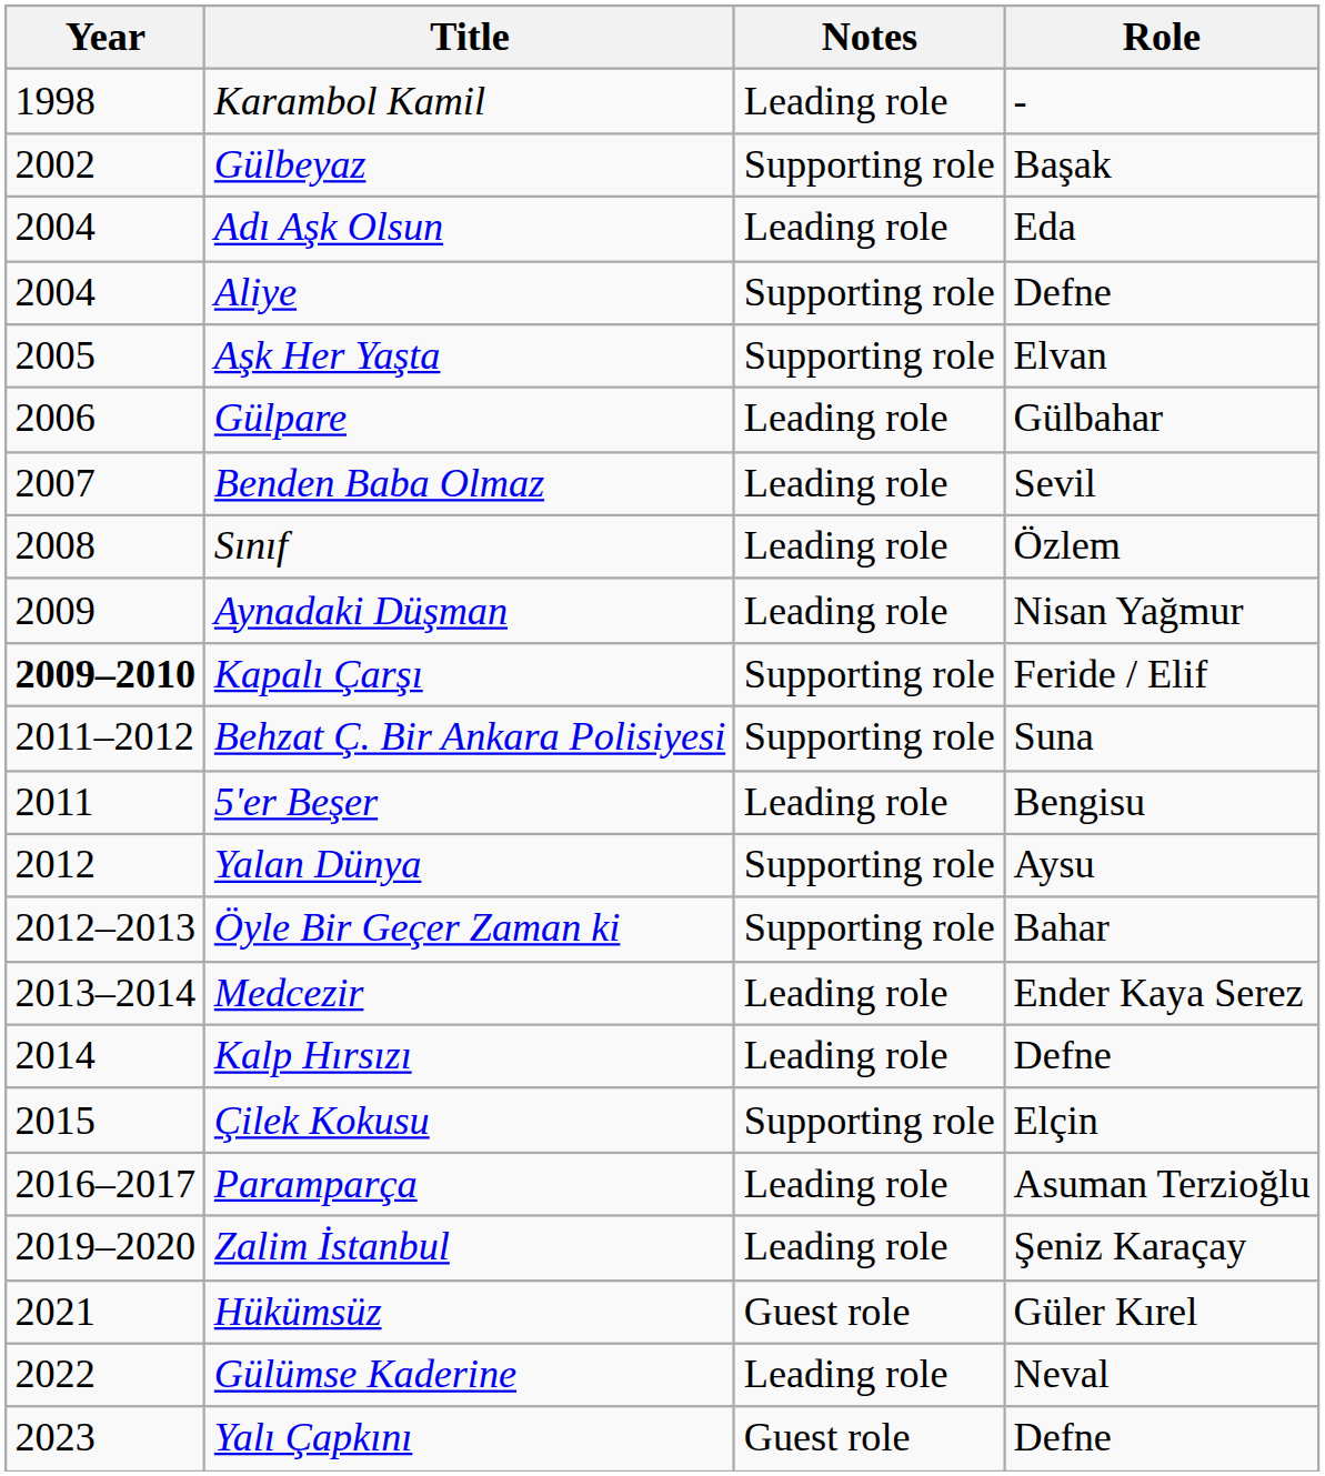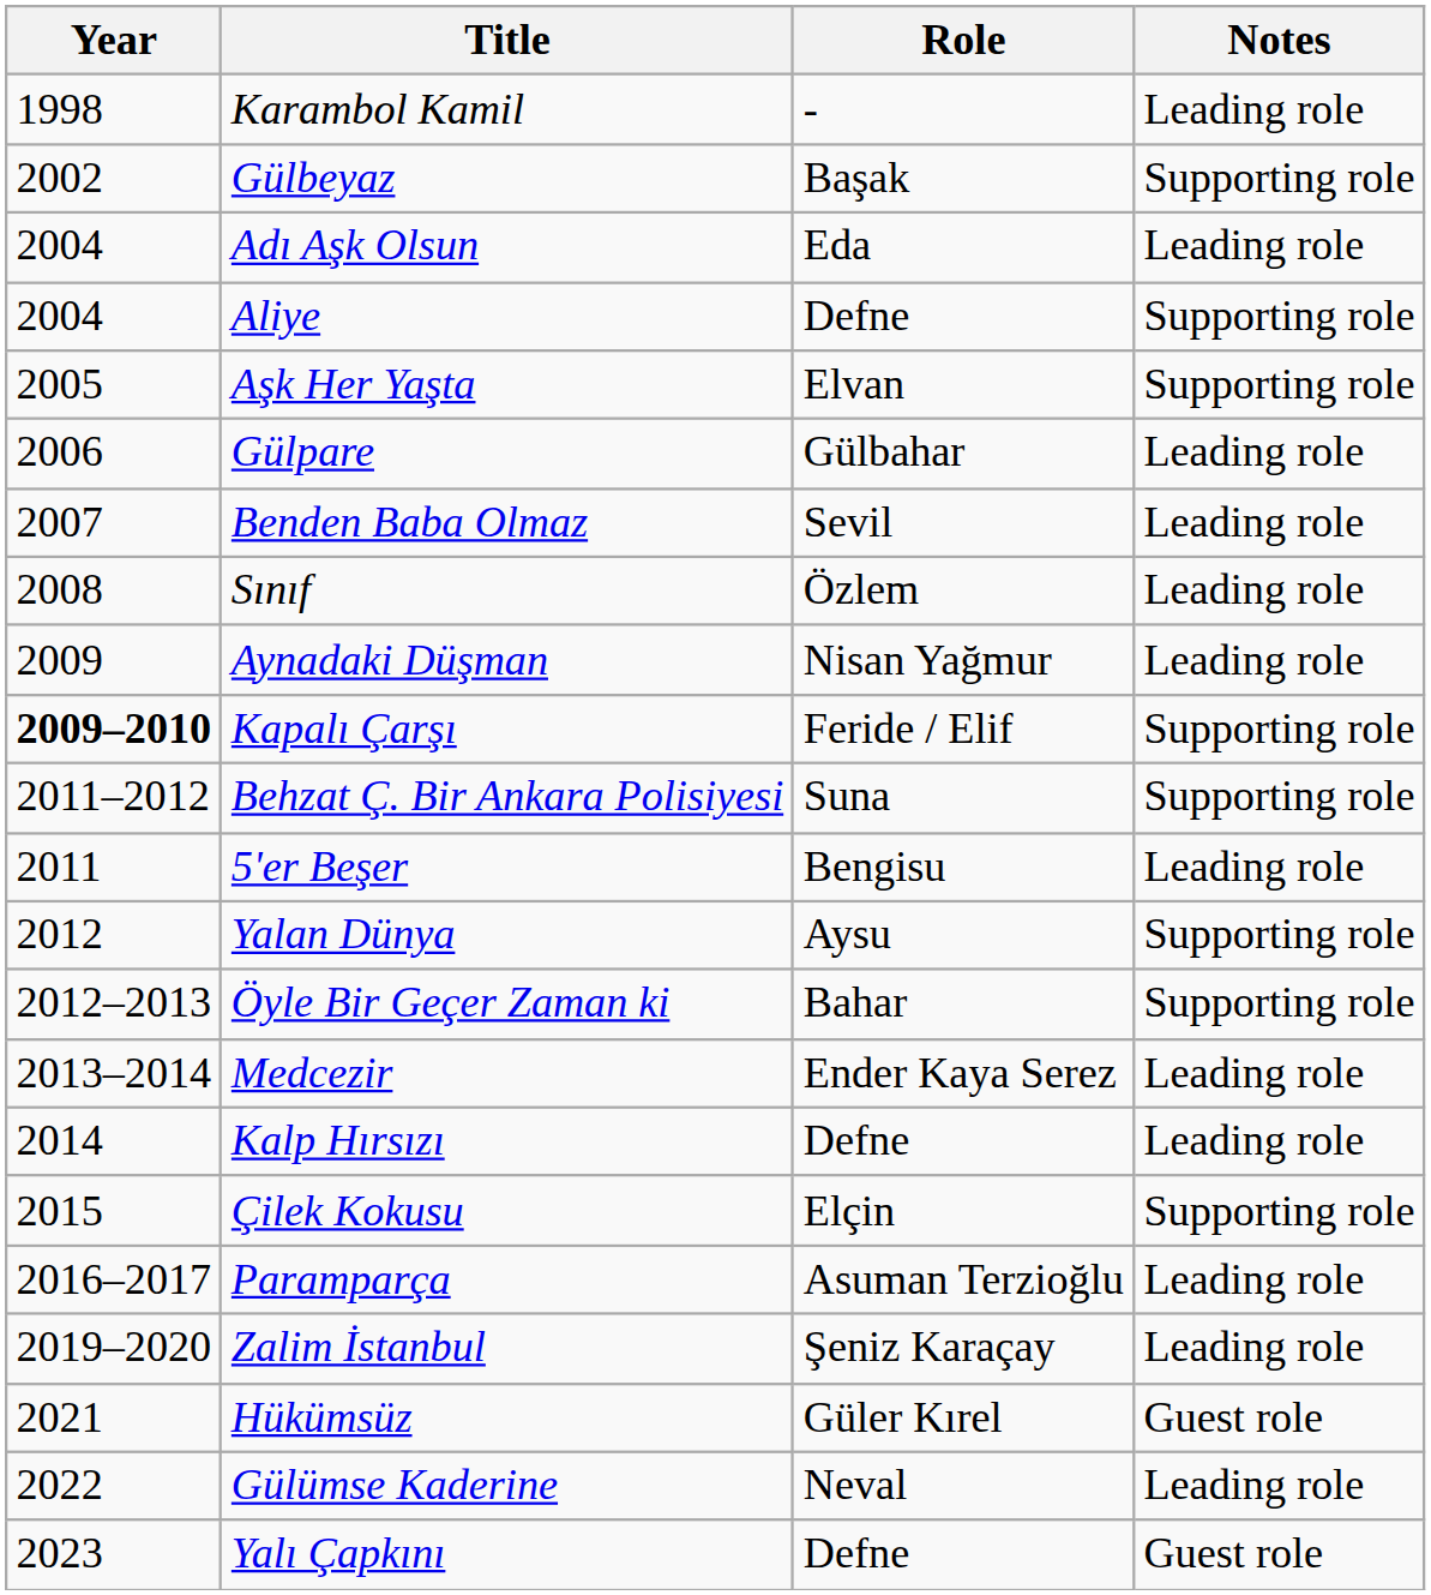 <table class="wikitable">
 <tr>
 <th>Year</th>
 <th>Title</th>
+<th>Role</th>
 <th>Notes</th>
-<th>Role</th>
 </tr>
 <tr>
 <td>1998</td>
 <td><em>Karambol Kamil </em></td>
+<td>-</td>
 <td>Leading role</td>
-<td>-</td>
 </tr>
 <tr>
 <td>2002</td>
 <td><em><a href='#'>Gülbeyaz</a></em></td>
+<td>Başak</td>
 <td>Supporting role</td>
-<td>Başak</td>
 </tr>
 <tr>
 <td>2004</td>
 <td><em><a href='#'>Adı Aşk Olsun</a></em></td>
+<td>Eda</td>
 <td>Leading role</td>
-<td>Eda</td>
 </tr>
 <tr>
 <td>2004</td>
 <td><em><a href='#'>Aliye</a></em></td>
+<td>Defne</td>
 <td>Supporting role</td>
-<td>Defne</td>
 </tr>
 <tr>
 <td>2005</td>
 <td><em><a href='#'>Aşk Her Yaşta</a></em></td>
+<td>Elvan</td>
 <td>Supporting role</td>
-<td>Elvan</td>
 </tr>
 <tr>
 <td>2006</td>
 <td><em><a href='#'>Gülpare</a></em></td>
+<td>Gülbahar</td>
 <td>Leading role</td>
-<td>Gülbahar</td>
 </tr>
 <tr>
 <td>2007</td>
 <td><em><a href='#'>Benden Baba Olmaz</a></em></td>
+<td>Sevil</td>
 <td>Leading role</td>
-<td>Sevil</td>
 </tr>
 <tr>
 <td>2008</td>
 <td><em>Sınıf</em></td>
+<td>Özlem</td>
 <td>Leading role</td>
-<td>Özlem</td>
 </tr>
 <tr>
 <td>2009</td>
 <td><em><a href='#'>Aynadaki Düşman</a></em></td>
+<td>Nisan Yağmur</td>
 <td>Leading role</td>
-<td>Nisan Yağmur</td>
 </tr>
 <tr>
 <td><strong>2009–2010</strong></td>
 <td><em><a href='#'>Kapalı Çarşı</a></em></td>
+<td>Feride / Elif</td>
 <td>Supporting role</td>
-<td>Feride / Elif</td>
 </tr>
 <tr>
 <td>2011–2012</td>
 <td><em><a href='#'>Behzat Ç. Bir Ankara Polisiyesi</a></em></td>
+<td>Suna</td>
 <td>Supporting role</td>
-<td>Suna</td>
 </tr>
 <tr>
 <td>2011</td>
 <td><em><a href='#'>5'er Beşer</a></em></td>
+<td>Bengisu</td>
 <td>Leading role</td>
-<td>Bengisu</td>
 </tr>
 <tr>
 <td>2012</td>
 <td><em><a href='#'>Yalan Dünya</a></em></td>
+<td>Aysu</td>
 <td>Supporting role</td>
-<td>Aysu</td>
 </tr>
 <tr>
 <td>2012–2013</td>
 <td><em><a href='#'>Öyle Bir Geçer Zaman ki</a></em></td>
+<td>Bahar</td>
 <td>Supporting role</td>
-<td>Bahar</td>
 </tr>
 <tr>
 <td>2013–2014</td>
 <td><em><a href='#'>Medcezir</a></em></td>
+<td>Ender Kaya Serez</td>
 <td>Leading role</td>
-<td>Ender Kaya Serez</td>
 </tr>
 <tr>
 <td>2014</td>
 <td><em><a href='#'>Kalp Hırsızı</a></em></td>
+<td>Defne</td>
 <td>Leading role</td>
-<td>Defne</td>
 </tr>
 <tr>
 <td>2015</td>
 <td><em><a href='#'>Çilek Kokusu</a></em></td>
+<td>Elçin</td>
 <td>Supporting role</td>
-<td>Elçin</td>
 </tr>
 <tr>
 <td>2016–2017</td>
 <td><a href='#'><em>Paramparça</em></a></td>
+<td>Asuman Terzioğlu</td>
 <td>Leading role</td>
-<td>Asuman Terzioğlu</td>
 </tr>
 <tr>
 <td>2019–2020</td>
 <td><em><a href='#'>Zalim İstanbul</a></em></td>
+<td>Şeniz Karaçay</td>
 <td>Leading role</td>
-<td>Şeniz Karaçay</td>
 </tr>
 <tr>
 <td>2021</td>
 <td><em><a href='#'>Hükümsüz</a></em></td>
+<td>Güler Kırel</td>
 <td>Guest role</td>
-<td>Güler Kırel</td>
 </tr>
 <tr>
 <td>2022</td>
 <td><em><a href='#'>Gülümse Kaderine</a></em></td>
+<td>Neval</td>
 <td>Leading role</td>
-<td>Neval</td>
 </tr>
 <tr>
 <td>2023</td>
 <td><em><a href='#'>Yalı Çapkını</a></em></td>
+<td>Defne</td>
 <td>Guest role</td>
-<td>Defne</td>
 </tr>
 </table>
